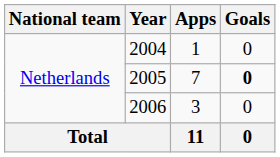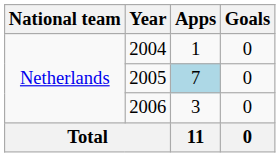 <table class="wikitable" style="text-align:center">
 <tr>
 <th>National team</th>
 <th>Year</th>
 <th>Apps</th>
 <th>Goals</th>
 </tr>
 <tr>
 <td rowspan="3"><a href='#'>Netherlands</a></td>
 <td>2004</td>
 <td>1</td>
 <td>0</td>
 </tr>
 <tr>
 <td>2005</td>
-<td>7</td>
-<td><strong>0</strong></td>
+<td style="background: lightblue;">7</td>
+<td>0</td>
 </tr>
 <tr>
 <td>2006</td>
 <td>3</td>
 <td>0</td>
 </tr>
 <tr>
 <th colspan="2">Total</th>
 <th>11</th>
 <th>0</th>
 </tr>
 </table>
